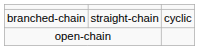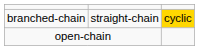 <table class="wikitable">
 <tr align="center">
 <td></td>
 <td></td>
 <td></td>
 </tr>
 <tr align="center">
 <td>branched-chain</td>
 <td>straight-chain</td>
-<td>cyclic</td>
+<td style="background: gold;">cyclic</td>
 </tr>
 <tr align="center">
 <td colspan=2>open-chain</td>
 </tr>
 </table>
